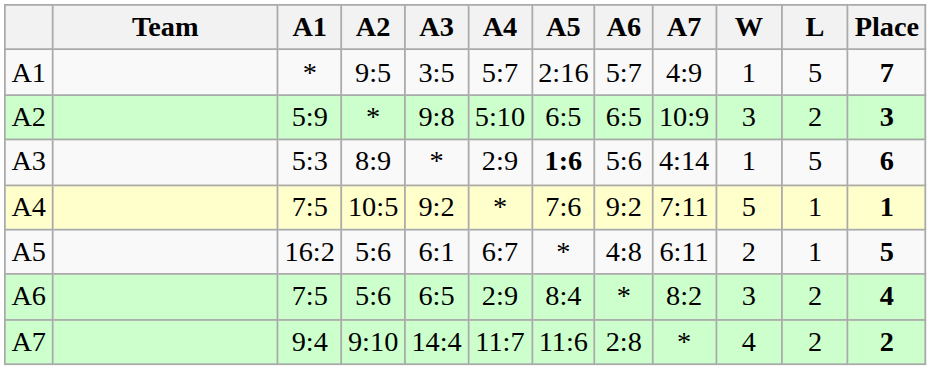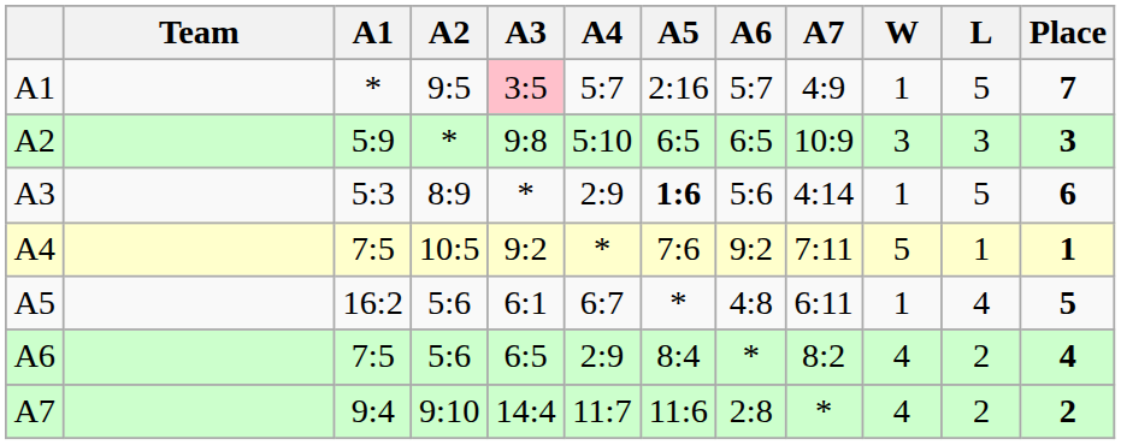 <table class="wikitable" style="text-align:center;">
 <tr>
 <th></th>
 <th width="120">Team</th>
 <th width="25">A1</th>
 <th width="25">A2</th>
 <th width="25">A3</th>
 <th width="25">A4</th>
 <th width="25">A5</th>
 <th width="25">A6</th>
 <th width="25">A7</th>
 <th width="30">W</th>
 <th width="30">L</th>
 <th>Place</th>
 </tr>
 <tr>
 <td>A1</td>
 <td align=left></td>
 <td>*</td>
 <td>9:5</td>
-<td>3:5</td>
+<td style="background: pink;">3:5</td>
 <td>5:7</td>
 <td>2:16</td>
 <td>5:7</td>
 <td>4:9</td>
 <td>1</td>
 <td>5</td>
 <td><strong>7</strong></td>
 </tr>
 <tr bgcolor=#ccffcc>
 <td>A2</td>
 <td align=left></td>
 <td>5:9</td>
 <td>*</td>
 <td>9:8</td>
 <td>5:10</td>
 <td>6:5</td>
 <td>6:5</td>
 <td>10:9</td>
 <td>3</td>
-<td>2</td>
+<td>3</td>
 <td><strong>3</strong></td>
 </tr>
 <tr>
 <td>A3</td>
 <td align=left></td>
 <td>5:3</td>
 <td>8:9</td>
 <td>*</td>
 <td>2:9</td>
 <td><strong>1:6</strong></td>
 <td>5:6</td>
 <td>4:14</td>
 <td>1</td>
 <td>5</td>
 <td><strong>6</strong></td>
 </tr>
 <tr bgcolor=#ffffcc>
 <td>A4</td>
 <td align=left></td>
 <td>7:5</td>
 <td>10:5</td>
 <td>9:2</td>
 <td>*</td>
 <td>7:6</td>
 <td>9:2</td>
 <td>7:11</td>
 <td>5</td>
 <td>1</td>
 <td><strong>1</strong></td>
 </tr>
 <tr>
 <td>A5</td>
 <td align=left></td>
 <td>16:2</td>
 <td>5:6</td>
 <td>6:1</td>
 <td>6:7</td>
 <td>*</td>
 <td>4:8</td>
 <td>6:11</td>
-<td>2</td>
 <td>1</td>
+<td>4</td>
 <td><strong>5</strong></td>
 </tr>
 <tr bgcolor=#ccffcc>
 <td>A6</td>
 <td align=left></td>
 <td>7:5</td>
 <td>5:6</td>
 <td>6:5</td>
 <td>2:9</td>
 <td>8:4</td>
 <td>*</td>
 <td>8:2</td>
-<td>3</td>
+<td>4</td>
 <td>2</td>
 <td><strong>4</strong></td>
 </tr>
 <tr bgcolor=#ccffcc>
 <td>A7</td>
 <td align=left></td>
 <td>9:4</td>
 <td>9:10</td>
 <td>14:4</td>
 <td>11:7</td>
 <td>11:6</td>
 <td>2:8</td>
 <td>*</td>
 <td>4</td>
 <td>2</td>
 <td><strong>2</strong></td>
 </tr>
 </table>
